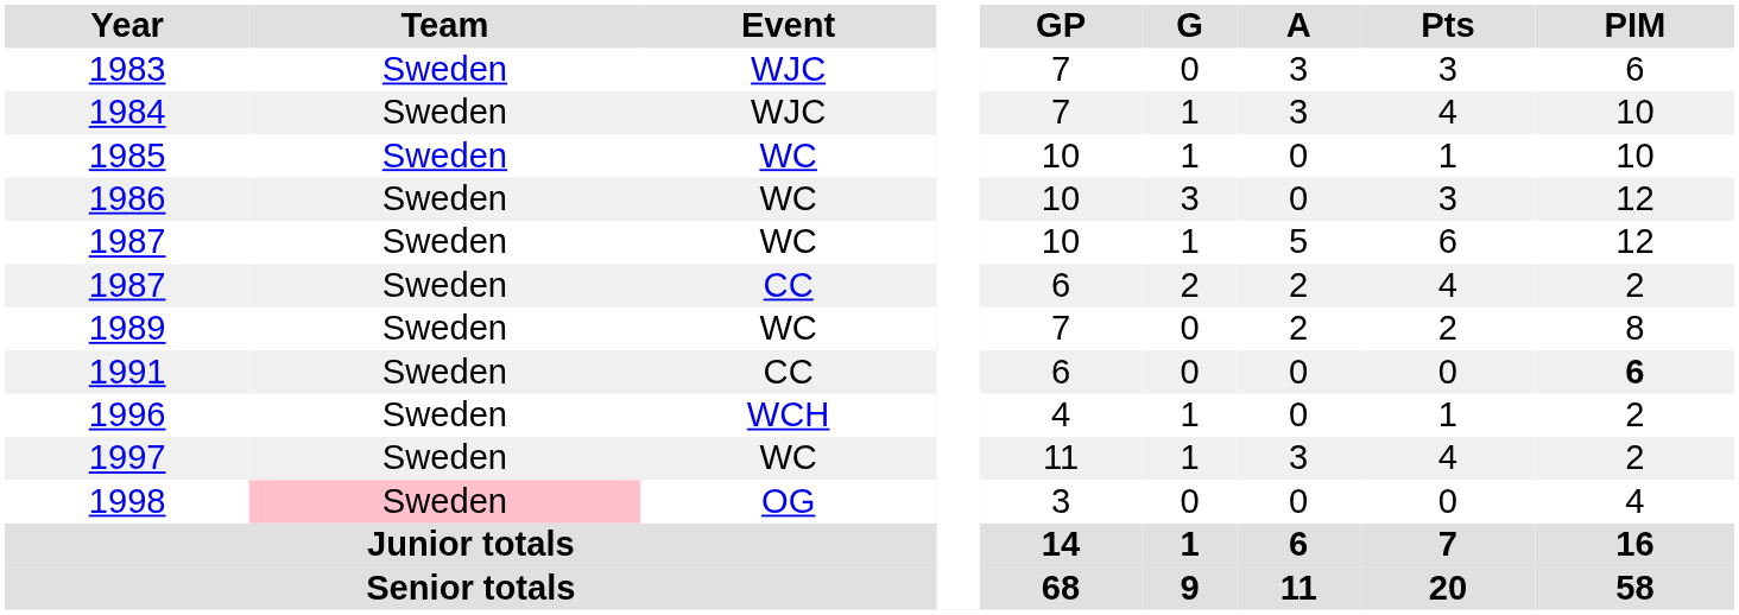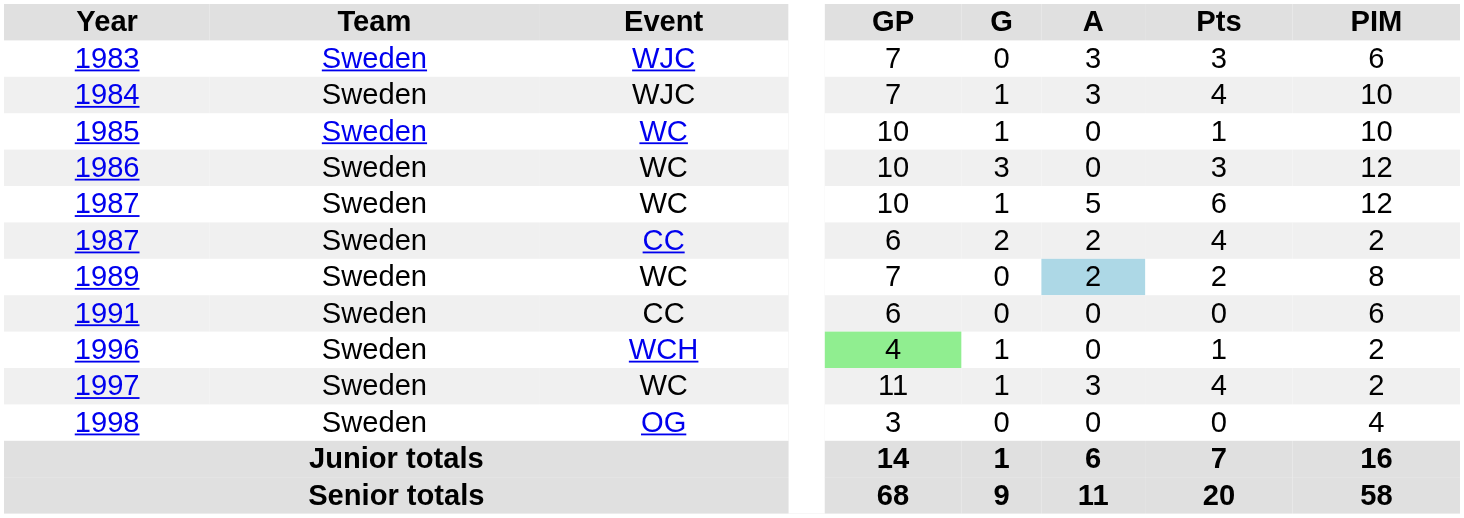 <table border="0" cellpadding="1" cellspacing="0" style="text-align:center; width:50em">
 <tr ALIGN="center" bgcolor="#e0e0e0">
 <th>Year</th>
 <th>Team</th>
 <th>Event</th>
 <th rowspan="99" bgcolor="#ffffff"> </th>
 <th>GP</th>
 <th>G</th>
 <th>A</th>
 <th>Pts</th>
 <th>PIM</th>
 </tr>
 <tr>
 <td><a href='#'>1983</a></td>
 <td><a href='#'>Sweden</a></td>
 <td><a href='#'>WJC</a></td>
 <td>7</td>
 <td>0</td>
 <td>3</td>
 <td>3</td>
 <td>6</td>
 </tr>
 <tr bgcolor="#f0f0f0">
 <td><a href='#'>1984</a></td>
 <td>Sweden</td>
 <td>WJC</td>
 <td>7</td>
 <td>1</td>
 <td>3</td>
 <td>4</td>
 <td>10</td>
 </tr>
 <tr>
 <td><a href='#'>1985</a></td>
 <td><a href='#'>Sweden</a></td>
 <td><a href='#'>WC</a></td>
 <td>10</td>
 <td>1</td>
 <td>0</td>
 <td>1</td>
 <td>10</td>
 </tr>
 <tr bgcolor="#f0f0f0">
 <td><a href='#'>1986</a></td>
 <td>Sweden</td>
 <td>WC</td>
 <td>10</td>
 <td>3</td>
 <td>0</td>
 <td>3</td>
 <td>12</td>
 </tr>
 <tr>
 <td><a href='#'>1987</a></td>
 <td>Sweden</td>
 <td>WC</td>
 <td>10</td>
 <td>1</td>
 <td>5</td>
 <td>6</td>
 <td>12</td>
 </tr>
 <tr bgcolor="#f0f0f0">
 <td><a href='#'>1987</a></td>
 <td>Sweden</td>
 <td><a href='#'>CC</a></td>
 <td>6</td>
 <td>2</td>
 <td>2</td>
 <td>4</td>
 <td>2</td>
 </tr>
 <tr>
 <td><a href='#'>1989</a></td>
 <td>Sweden</td>
 <td>WC</td>
 <td>7</td>
 <td>0</td>
-<td>2</td>
+<td style="background: lightblue;">2</td>
 <td>2</td>
 <td>8</td>
 </tr>
 <tr bgcolor="#f0f0f0">
 <td><a href='#'>1991</a></td>
 <td>Sweden</td>
 <td>CC</td>
 <td>6</td>
 <td>0</td>
 <td>0</td>
 <td>0</td>
-<td><strong>6</strong></td>
+<td>6</td>
 </tr>
 <tr>
 <td><a href='#'>1996</a></td>
 <td>Sweden</td>
 <td><a href='#'>WCH</a></td>
-<td>4</td>
+<td style="background: lightgreen;">4</td>
 <td>1</td>
 <td>0</td>
 <td>1</td>
 <td>2</td>
 </tr>
 <tr bgcolor="#f0f0f0">
 <td><a href='#'>1997</a></td>
 <td>Sweden</td>
 <td>WC</td>
 <td>11</td>
 <td>1</td>
 <td>3</td>
 <td>4</td>
 <td>2</td>
 </tr>
 <tr>
 <td><a href='#'>1998</a></td>
-<td style="background: pink;">Sweden</td>
+<td>Sweden</td>
 <td><a href='#'>OG</a></td>
 <td>3</td>
 <td>0</td>
 <td>0</td>
 <td>0</td>
 <td>4</td>
 </tr>
 <tr bgcolor="#e0e0e0">
 <th colspan="3">Junior totals</th>
 <th>14</th>
 <th>1</th>
 <th>6</th>
 <th>7</th>
 <th>16</th>
 </tr>
 <tr bgcolor="#e0e0e0">
 <th colspan="3">Senior totals</th>
 <th>68</th>
 <th>9</th>
 <th>11</th>
 <th>20</th>
 <th>58</th>
 </tr>
 </table>
